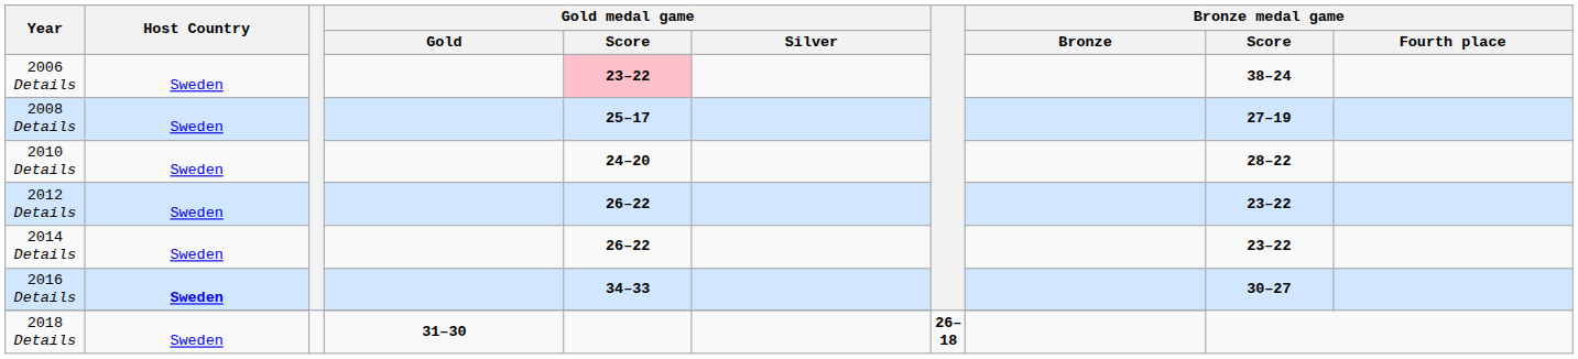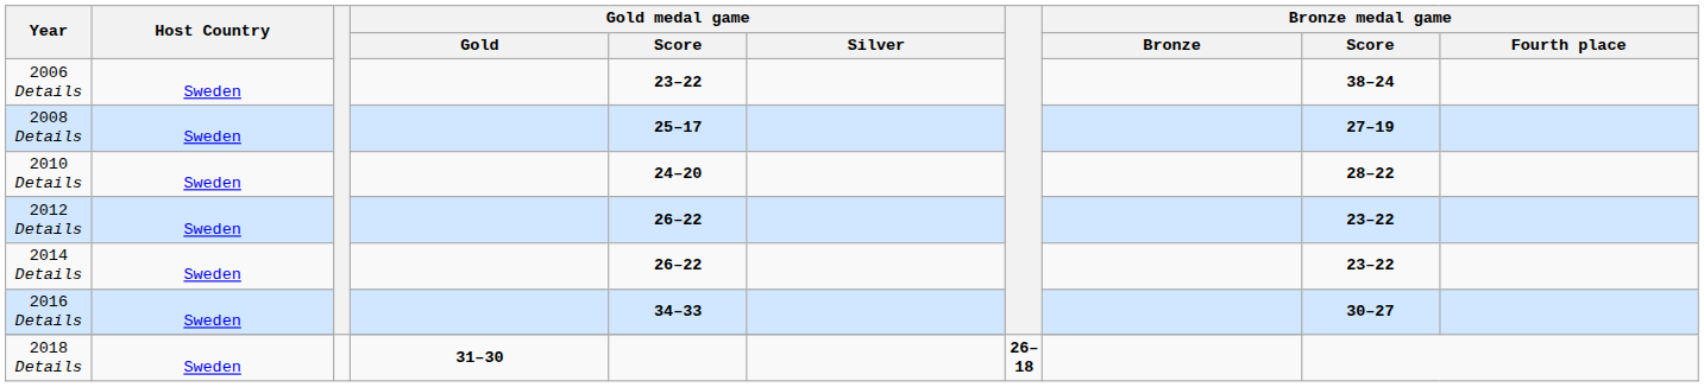 <table class="wikitable" style="font-size:90%; width: 98%; text-align: center;">
 <tr>
 <th rowspan=2 width=5%>Year</th>
 <th rowspan=2 width=14%>Host Country</th>
 <th width=1% rowspan=9 bgcolor=ffffff></th>
 <th colspan=3>Gold medal game</th>
 <th width=1% rowspan=9 bgcolor=ffffff></th>
 <th colspan=3>Bronze medal game</th>
 </tr>
 <tr bgcolor=#EFEFEF>
 <th width=15%>Gold</th>
 <th width=8%>Score</th>
 <th width=15%>Silver</th>
 <th width=15%>Bronze</th>
 <th width=8%>Score</th>
 <th width=15%>Fourth place</th>
 </tr>
 <tr>
 <td>2006 <br> <em>Details</em></td>
 <td><br><a href='#'>Sweden</a></td>
 <td><strong></strong></td>
-<td style="background: pink;"><strong>23–22</strong></td>
+<td><strong>23–22</strong></td>
 <td></td>
 <td></td>
 <td><strong>38–24</strong></td>
 <td></td>
 </tr>
 <tr bgcolor=#D0E7FF>
 <td>2008 <br> <em>Details</em></td>
 <td><br><a href='#'>Sweden</a></td>
 <td><strong></strong></td>
 <td><strong>25–17</strong></td>
 <td></td>
 <td></td>
 <td><strong>27–19</strong></td>
 <td></td>
 </tr>
 <tr>
 <td>2010 <br> <em>Details</em></td>
 <td><br><a href='#'>Sweden</a></td>
 <td><strong></strong></td>
 <td><strong>24–20</strong></td>
 <td></td>
 <td></td>
 <td><strong>28–22</strong></td>
 <td></td>
 </tr>
 <tr bgcolor=#D0E7FF>
 <td>2012 <br> <em>Details</em></td>
 <td><br><a href='#'>Sweden</a></td>
 <td><strong></strong></td>
 <td><strong>26–22</strong></td>
 <td></td>
 <td></td>
 <td><strong>23–22</strong></td>
 <td></td>
 </tr>
 <tr>
 <td>2014 <br> <em>Details</em></td>
 <td><br><a href='#'>Sweden</a></td>
 <td><strong></strong></td>
 <td><strong>26–22</strong></td>
 <td></td>
 <td></td>
 <td><strong>23–22</strong></td>
 <td></td>
 </tr>
 <tr bgcolor=#D0E7FF>
 <td>2016 <br> <em>Details</em></td>
-<td><strong><br><a href='#'>Sweden</a></strong></td>
+<td><br><a href='#'>Sweden</a></td>
 <td><strong></strong></td>
 <td><strong>34–33</strong></td>
 <td></td>
 <td></td>
 <td><strong>30–27</strong></td>
 <td></td>
 </tr>
 <tr>
 </tr>
 <tr>
 <td>2018 <br> <em>Details</em></td>
 <td><br><a href='#'>Sweden</a></td>
 <td><strong></strong></td>
 <td><strong>31–30</strong></td>
 <td></td>
 <td></td>
 <td><strong>26–18</strong></td>
 <td></td>
 </tr>
 </table>
